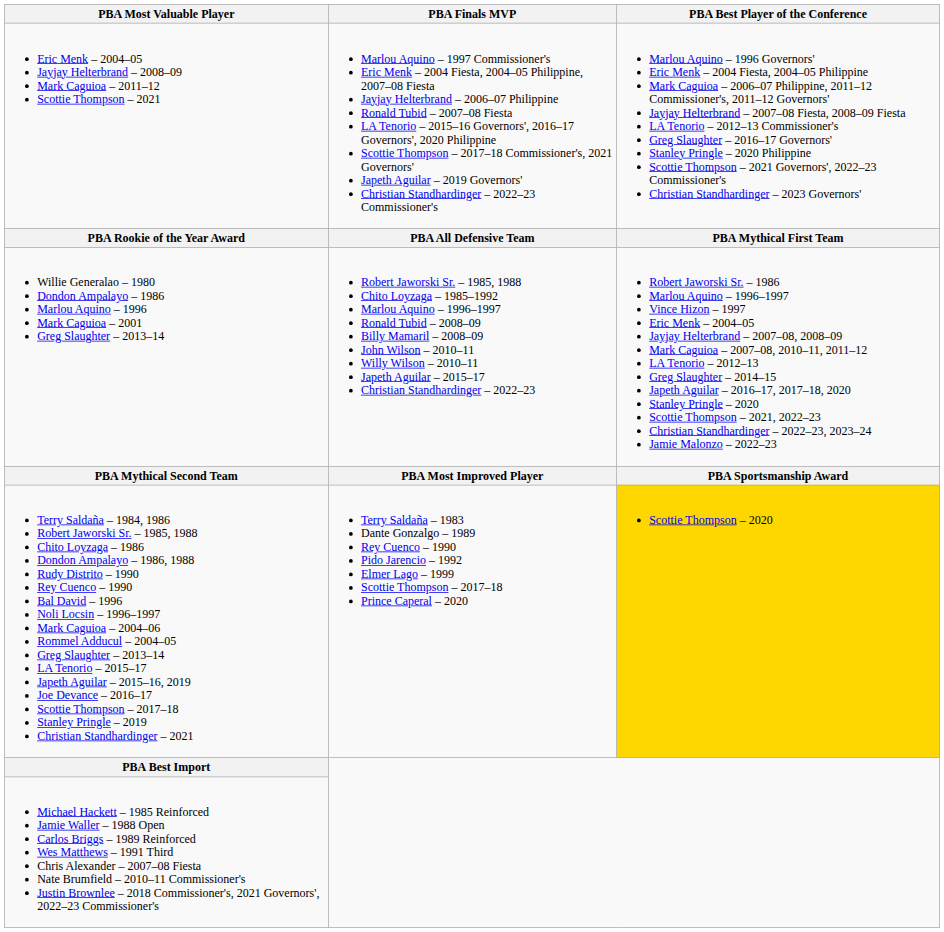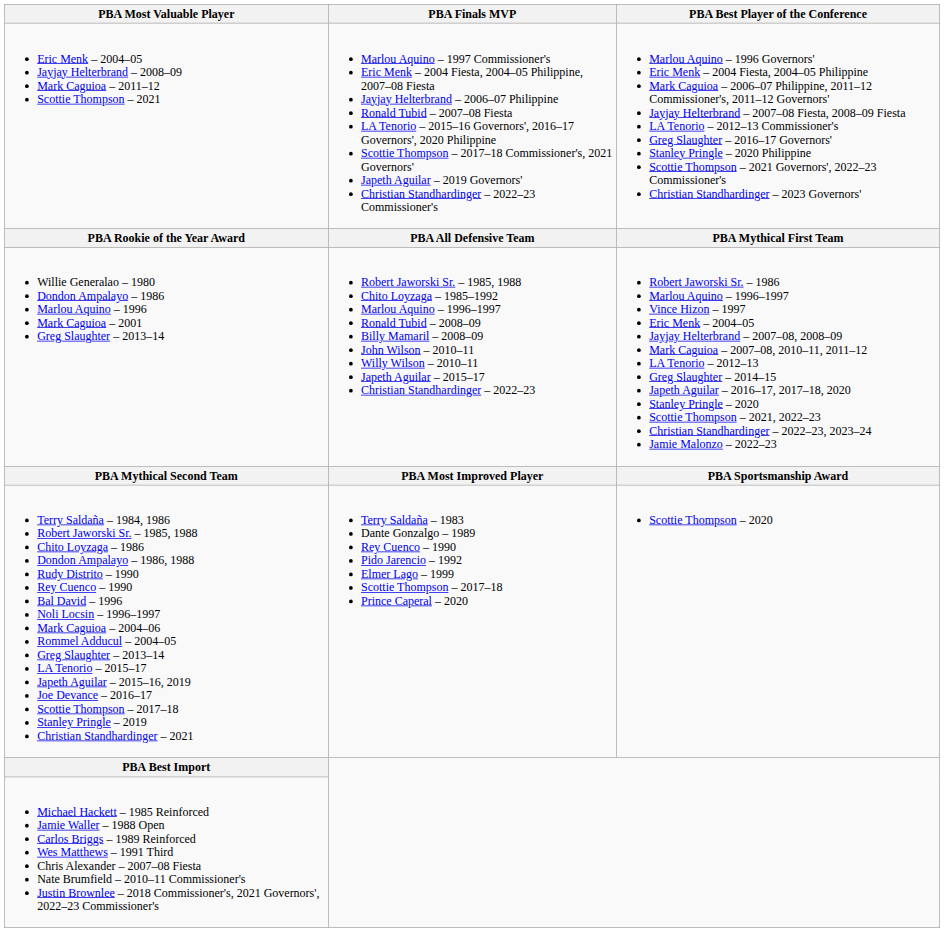 <table class=wikitable>
 <tr>
 <th>PBA Most Valuable Player</th>
 <th>PBA Finals MVP</th>
 <th>PBA Best Player of the Conference</th>
 </tr>
 <tr>
 <td valign="top"><br><ul><li><a href='#'>Eric Menk</a> – 2004–05</li><li><a href='#'>Jayjay Helterbrand</a> – 2008–09</li><li><a href='#'>Mark Caguioa</a> – 2011–12</li><li><a href='#'>Scottie Thompson</a> – 2021</li></ul></td>
 <td valign="top"><br><ul><li><a href='#'>Marlou Aquino</a> – 1997 Commissioner's</li><li><a href='#'>Eric Menk</a> – 2004 Fiesta, 2004–05 Philippine, 2007–08 Fiesta</li><li><a href='#'>Jayjay Helterbrand</a> – 2006–07 Philippine</li><li><a href='#'>Ronald Tubid</a> – 2007–08 Fiesta</li><li><a href='#'>LA Tenorio</a> – 2015–16 Governors', 2016–17 Governors', 2020 Philippine</li><li><a href='#'>Scottie Thompson</a> –  2017–18 Commissioner's, 2021 Governors'</li><li><a href='#'>Japeth Aguilar</a> – 2019 Governors'</li><li><a href='#'>Christian Standhardinger</a> – 2022–23 Commissioner's</li></ul></td>
 <td valign="top"><br><ul><li><a href='#'>Marlou Aquino</a> – 1996 Governors'</li><li><a href='#'>Eric Menk</a> – 2004 Fiesta, 2004–05 Philippine</li><li><a href='#'>Mark Caguioa</a> – 2006–07 Philippine, 2011–12 Commissioner's, 2011–12 Governors'</li><li><a href='#'>Jayjay Helterbrand</a> – 2007–08 Fiesta, 2008–09 Fiesta</li><li><a href='#'>LA Tenorio</a> – 2012–13 Commissioner's</li><li><a href='#'>Greg Slaughter</a> – 2016–17 Governors'</li><li><a href='#'>Stanley Pringle</a> – 2020 Philippine</li><li><a href='#'>Scottie Thompson</a> – 2021 Governors',  2022–23 Commissioner's</li><li><a href='#'>Christian Standhardinger</a> – 2023 Governors'</li></ul></td>
 </tr>
 <tr>
 <th>PBA Rookie of the Year Award</th>
 <th>PBA All Defensive Team</th>
 <th>PBA Mythical First Team</th>
 </tr>
 <tr>
 <td valign="top"><br><ul><li>Willie Generalao – 1980</li><li><a href='#'>Dondon Ampalayo</a> – 1986</li><li><a href='#'>Marlou Aquino</a> – 1996</li><li><a href='#'>Mark Caguioa</a> – 2001</li><li><a href='#'>Greg Slaughter</a> – 2013–14</li></ul></td>
 <td valign="top"><br><ul><li><a href='#'>Robert Jaworski Sr.</a> – 1985, 1988</li><li><a href='#'>Chito Loyzaga</a> – 1985–1992</li><li><a href='#'>Marlou Aquino</a> – 1996–1997</li><li><a href='#'>Ronald Tubid</a> – 2008–09</li><li><a href='#'>Billy Mamaril</a> – 2008–09</li><li><a href='#'>John Wilson</a> – 2010–11</li><li><a href='#'>Willy Wilson</a> – 2010–11</li><li><a href='#'>Japeth Aguilar</a> – 2015–17</li><li><a href='#'>Christian Standhardinger</a> – 2022–23</li></ul></td>
 <td valign="top"><br><ul><li><a href='#'>Robert Jaworski Sr.</a> – 1986</li><li><a href='#'>Marlou Aquino</a> – 1996–1997</li><li><a href='#'>Vince Hizon</a> – 1997</li><li><a href='#'>Eric Menk</a> – 2004–05</li><li><a href='#'>Jayjay Helterbrand</a> – 2007–08, 2008–09</li><li><a href='#'>Mark Caguioa</a> – 2007–08, 2010–11, 2011–12</li><li><a href='#'>LA Tenorio</a> – 2012–13</li><li><a href='#'>Greg Slaughter</a> – 2014–15</li><li><a href='#'>Japeth Aguilar</a> – 2016–17, 2017–18, 2020</li><li><a href='#'>Stanley Pringle</a> – 2020</li><li><a href='#'>Scottie Thompson</a> – 2021, 2022–23</li><li><a href='#'>Christian Standhardinger</a> – 2022–23, 2023–24</li><li><a href='#'>Jamie Malonzo</a> – 2022–23</li></ul></td>
 </tr>
 <tr>
 <th>PBA Mythical Second Team</th>
 <th>PBA Most Improved Player</th>
 <th>PBA Sportsmanship Award</th>
 </tr>
 <tr>
 <td valign="top"><br><ul><li><a href='#'>Terry Saldaña</a> – 1984, 1986</li><li><a href='#'>Robert Jaworski Sr.</a> – 1985, 1988</li><li><a href='#'>Chito Loyzaga</a> – 1986</li><li><a href='#'>Dondon Ampalayo</a> – 1986, 1988</li><li><a href='#'>Rudy Distrito</a> – 1990</li><li><a href='#'>Rey Cuenco</a> – 1990</li><li><a href='#'>Bal David</a> – 1996</li><li><a href='#'>Noli Locsin</a> – 1996–1997</li><li><a href='#'>Mark Caguioa</a> – 2004–06</li><li><a href='#'>Rommel Adducul</a> – 2004–05</li><li><a href='#'>Greg Slaughter</a> – 2013–14</li><li><a href='#'>LA Tenorio</a> – 2015–17</li><li><a href='#'>Japeth Aguilar</a> – 2015–16, 2019</li><li><a href='#'>Joe Devance</a> – 2016–17</li><li><a href='#'>Scottie Thompson</a> – 2017–18</li><li><a href='#'>Stanley Pringle</a> – 2019</li><li><a href='#'>Christian Standhardinger</a> – 2021</li></ul></td>
 <td valign="top"><br><ul><li><a href='#'>Terry Saldaña</a> – 1983</li><li>Dante Gonzalgo – 1989</li><li><a href='#'>Rey Cuenco</a> – 1990</li><li><a href='#'>Pido Jarencio</a> – 1992</li><li><a href='#'>Elmer Lago</a> – 1999</li><li><a href='#'>Scottie Thompson</a> – 2017–18</li><li><a href='#'>Prince Caperal</a> – 2020</li></ul></td>
-<td valign="top" style="background: gold;"><br><ul><li><a href='#'>Scottie Thompson</a> – 2020</li></ul></td>
+<td valign="top"><br><ul><li><a href='#'>Scottie Thompson</a> – 2020</li></ul></td>
 </tr>
 <tr>
 <th>PBA Best Import</th>
 </tr>
 <tr>
 <td valign="top"><br><ul><li><a href='#'>Michael Hackett</a> – 1985 Reinforced</li><li><a href='#'>Jamie Waller</a> – 1988 Open</li><li><a href='#'>Carlos Briggs</a> – 1989 Reinforced</li><li><a href='#'>Wes Matthews</a> – 1991 Third</li><li>Chris Alexander – 2007–08 Fiesta</li><li>Nate Brumfield – 2010–11 Commissioner's</li><li><a href='#'>Justin Brownlee</a> – 2018 Commissioner's, 2021 Governors', 2022–23 Commissioner's</li></ul></td>
 </tr>
 </table>
